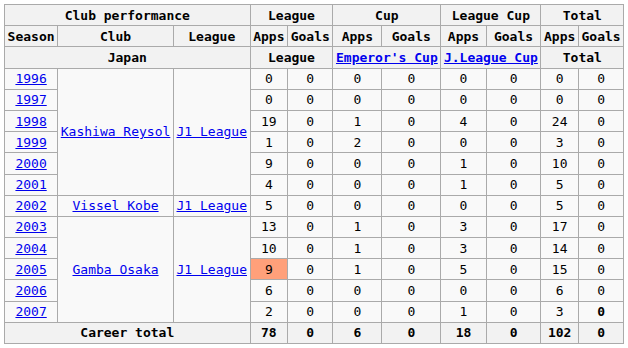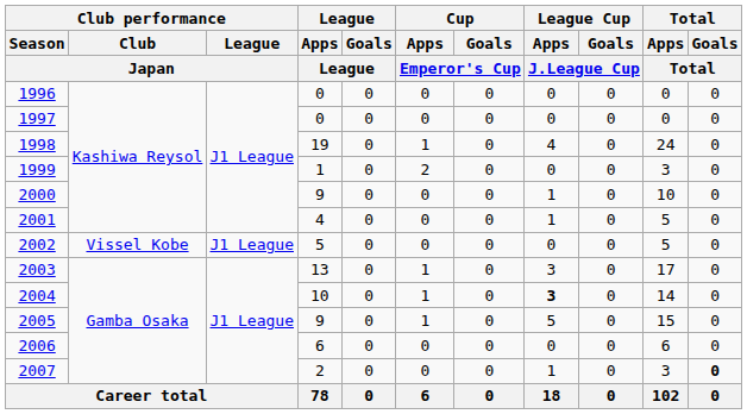 <table class="wikitable" style="text-align:center">
 <tr>
 <th colspan=3>Club performance</th>
 <th colspan=2>League</th>
 <th colspan=2>Cup</th>
 <th colspan=2>League Cup</th>
 <th colspan=2>Total</th>
 </tr>
 <tr>
 <th>Season</th>
 <th>Club</th>
 <th>League</th>
 <th>Apps</th>
 <th>Goals</th>
 <th>Apps</th>
 <th>Goals</th>
 <th>Apps</th>
 <th>Goals</th>
 <th>Apps</th>
 <th>Goals</th>
 </tr>
 <tr>
 <th colspan=3>Japan</th>
 <th colspan=2>League</th>
 <th colspan=2><a href='#'>Emperor's Cup</a></th>
 <th colspan=2><a href='#'>J.League Cup</a></th>
 <th colspan=2>Total</th>
 </tr>
 <tr>
 <td><a href='#'>1996</a></td>
 <td rowspan="6"><a href='#'>Kashiwa Reysol</a></td>
 <td rowspan="6"><a href='#'>J1 League</a></td>
 <td>0</td>
 <td>0</td>
 <td>0</td>
 <td>0</td>
 <td>0</td>
 <td>0</td>
 <td>0</td>
 <td>0</td>
 </tr>
 <tr>
 <td><a href='#'>1997</a></td>
 <td>0</td>
 <td>0</td>
 <td>0</td>
 <td>0</td>
 <td>0</td>
 <td>0</td>
 <td>0</td>
 <td>0</td>
 </tr>
 <tr>
 <td><a href='#'>1998</a></td>
 <td>19</td>
 <td>0</td>
 <td>1</td>
 <td>0</td>
 <td>4</td>
 <td>0</td>
 <td>24</td>
 <td>0</td>
 </tr>
 <tr>
 <td><a href='#'>1999</a></td>
 <td>1</td>
 <td>0</td>
 <td>2</td>
 <td>0</td>
 <td>0</td>
 <td>0</td>
 <td>3</td>
 <td>0</td>
 </tr>
 <tr>
 <td><a href='#'>2000</a></td>
 <td>9</td>
 <td>0</td>
 <td>0</td>
 <td>0</td>
 <td>1</td>
 <td>0</td>
 <td>10</td>
 <td>0</td>
 </tr>
 <tr>
 <td><a href='#'>2001</a></td>
 <td>4</td>
 <td>0</td>
 <td>0</td>
 <td>0</td>
 <td>1</td>
 <td>0</td>
 <td>5</td>
 <td>0</td>
 </tr>
 <tr>
 <td><a href='#'>2002</a></td>
 <td><a href='#'>Vissel Kobe</a></td>
 <td><a href='#'>J1 League</a></td>
 <td>5</td>
 <td>0</td>
 <td>0</td>
 <td>0</td>
 <td>0</td>
 <td>0</td>
 <td>5</td>
 <td>0</td>
 </tr>
 <tr>
 <td><a href='#'>2003</a></td>
 <td rowspan="5"><a href='#'>Gamba Osaka</a></td>
 <td rowspan="5"><a href='#'>J1 League</a></td>
 <td>13</td>
 <td>0</td>
 <td>1</td>
 <td>0</td>
 <td>3</td>
 <td>0</td>
 <td>17</td>
 <td>0</td>
 </tr>
 <tr>
 <td><a href='#'>2004</a></td>
 <td>10</td>
 <td>0</td>
 <td>1</td>
 <td>0</td>
-<td>3</td>
+<td><strong>3</strong></td>
 <td>0</td>
 <td>14</td>
 <td>0</td>
 </tr>
 <tr>
 <td><a href='#'>2005</a></td>
-<td style="background: lightsalmon;">9</td>
+<td>9</td>
 <td>0</td>
 <td>1</td>
 <td>0</td>
 <td>5</td>
 <td>0</td>
 <td>15</td>
 <td>0</td>
 </tr>
 <tr>
 <td><a href='#'>2006</a></td>
 <td>6</td>
 <td>0</td>
 <td>0</td>
 <td>0</td>
 <td>0</td>
 <td>0</td>
 <td>6</td>
 <td>0</td>
 </tr>
 <tr>
 <td><a href='#'>2007</a></td>
 <td>2</td>
 <td>0</td>
 <td>0</td>
 <td>0</td>
 <td>1</td>
 <td>0</td>
 <td>3</td>
 <td><strong>0</strong></td>
 </tr>
 <tr>
 <th colspan=3>Career total</th>
 <th>78</th>
 <th>0</th>
 <th>6</th>
 <th>0</th>
 <th>18</th>
 <th>0</th>
 <th>102</th>
 <th>0</th>
 </tr>
 </table>
